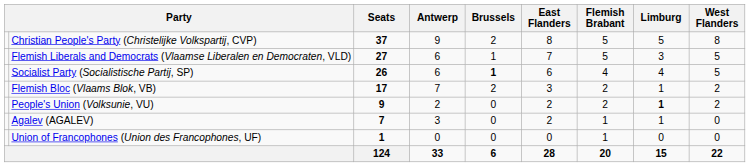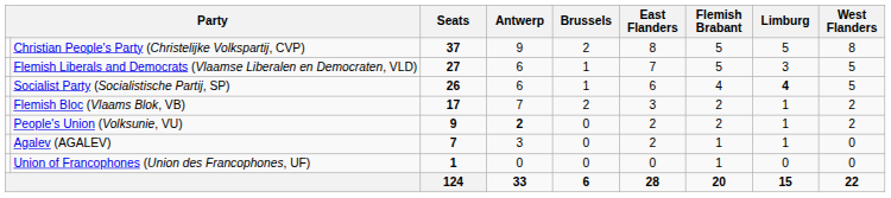 <table class=wikitable>
 <tr>
 <th style="width: 20em" colspan= 2>Party</th>
 <th style="width: 5em">Seats</th>
 <th style="width: 5em">Antwerp</th>
 <th style="width: 5em">Brussels</th>
 <th style="width: 5em">East Flanders</th>
 <th style="width: 5em">Flemish Brabant</th>
 <th style="width: 5em">Limburg</th>
 <th style="width: 5em">West Flanders</th>
 </tr>
 <tr>
 <td></td>
 <td><a href='#'>Christian People's Party</a> (<em>Christelijke Volkspartij</em>, CVP)</td>
 <td align="center"><strong>37</strong></td>
 <td align="center">9</td>
 <td align="center">2</td>
 <td align="center">8</td>
 <td align="center">5</td>
 <td align="center">5</td>
 <td align="center">8</td>
 </tr>
 <tr>
 <td></td>
 <td><a href='#'>Flemish Liberals and Democrats</a> (<em>Vlaamse Liberalen en Democraten</em>, VLD)</td>
 <td align="center"><strong>27</strong></td>
 <td align="center">6</td>
 <td align="center">1</td>
 <td align="center">7</td>
 <td align="center">5</td>
 <td align="center">3</td>
 <td align="center">5</td>
 </tr>
 <tr>
 <td></td>
 <td><a href='#'>Socialist Party</a> (<em>Socialistische Partij</em>, SP)</td>
 <td align="center"><strong>26</strong></td>
 <td align="center">6</td>
-<td align="center"><strong>1</strong></td>
+<td align="center">1</td>
 <td align="center">6</td>
 <td align="center">4</td>
-<td align="center">4</td>
+<td align="center"><strong>4</strong></td>
 <td align="center">5</td>
 </tr>
 <tr>
 <td></td>
 <td><a href='#'>Flemish Bloc</a> (<em>Vlaams Blok</em>, VB)</td>
 <td align="center"><strong>17</strong></td>
 <td align="center">7</td>
 <td align="center">2</td>
 <td align="center">3</td>
 <td align="center">2</td>
 <td align="center">1</td>
 <td align="center">2</td>
 </tr>
 <tr>
 <td></td>
 <td><a href='#'>People's Union</a> (<em>Volksunie</em>, VU)</td>
 <td align="center"><strong>9</strong></td>
-<td align="center">2</td>
+<td align="center"><strong>2</strong></td>
 <td align="center">0</td>
 <td align="center">2</td>
 <td align="center">2</td>
-<td align="center"><strong>1</strong></td>
+<td align="center">1</td>
 <td align="center">2</td>
 </tr>
 <tr>
 <td></td>
 <td><a href='#'>Agalev</a> (AGALEV)</td>
 <td align="center"><strong>7</strong></td>
 <td align="center">3</td>
 <td align="center">0</td>
 <td align="center">2</td>
 <td align="center">1</td>
 <td align="center">1</td>
 <td align="center">0</td>
 </tr>
 <tr>
 <td></td>
 <td><a href='#'>Union of Francophones</a> (<em>Union des Francophones</em>, UF)</td>
 <td align="center"><strong>1</strong></td>
 <td align="center">0</td>
 <td align="center">0</td>
 <td align="center">0</td>
 <td align="center">1</td>
 <td align="center">0</td>
 <td align="center">0</td>
 </tr>
 <tr>
 <th colspan="2"></th>
 <th align="center">124</th>
 <td align="center"><strong>33</strong></td>
 <td align="center"><strong>6</strong></td>
 <td align="center"><strong>28</strong></td>
 <td align="center"><strong>20</strong></td>
 <td align="center"><strong>15</strong></td>
 <td align="center"><strong>22</strong></td>
 </tr>
 </table>
